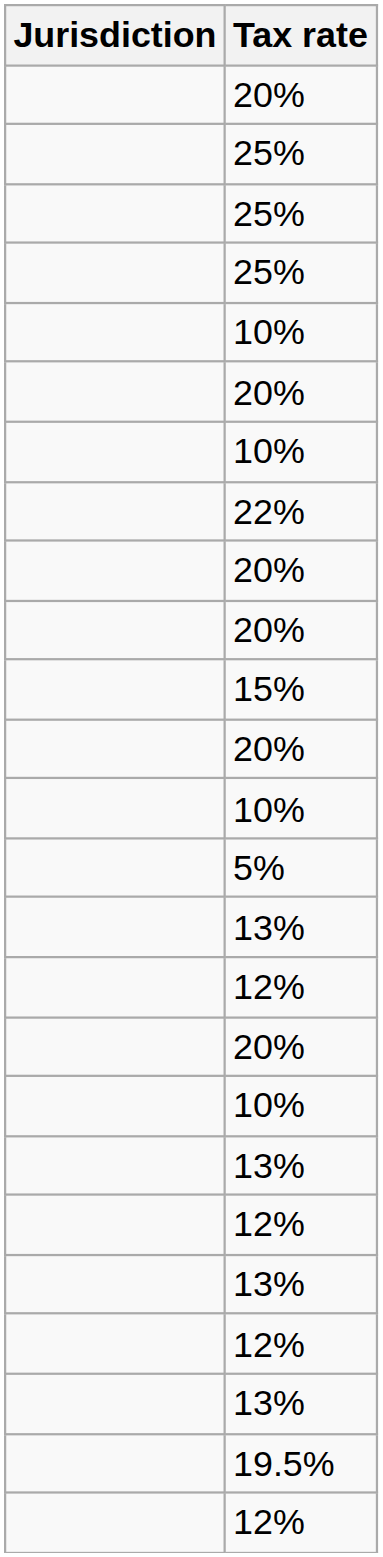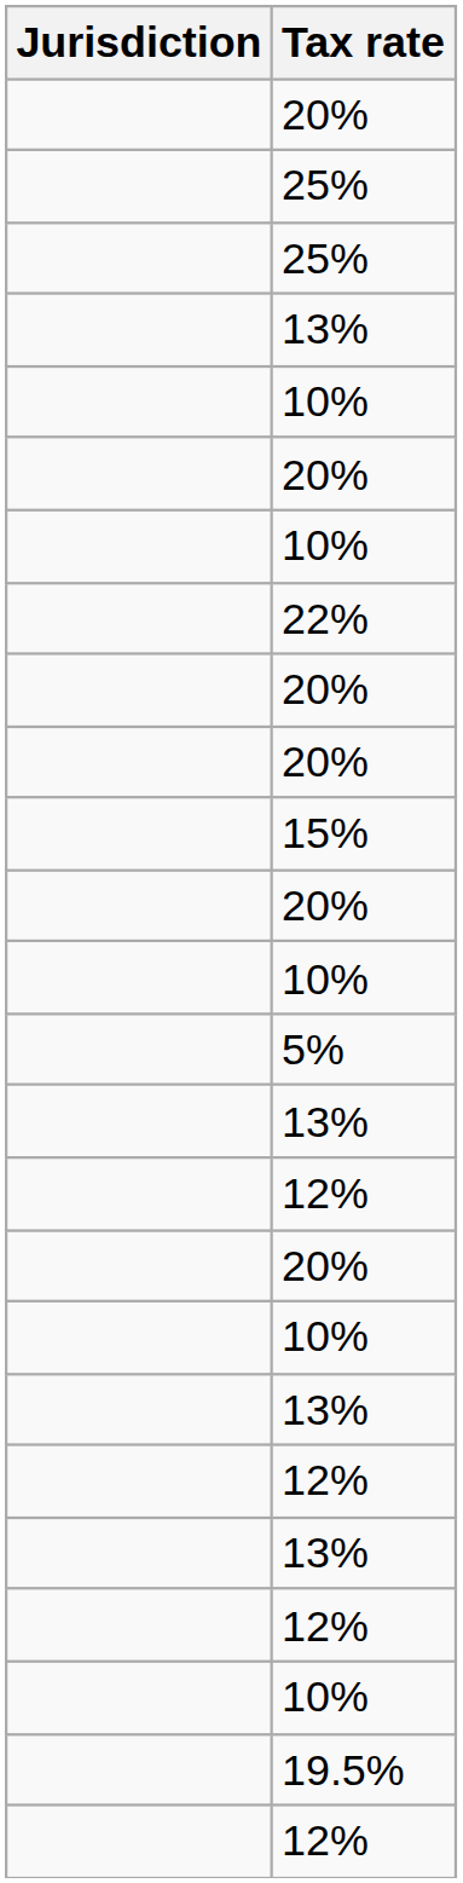 <table class="wikitable sortable nowrap" style=line-height:1.2>
 <tr>
 <th>Jurisdiction</th>
 <th>Tax rate</th>
 </tr>
 <tr>
 <td></td>
 <td>20%</td>
 </tr>
 <tr>
 <td></td>
 <td>25%</td>
 </tr>
 <tr>
 <td></td>
 <td>25%</td>
 </tr>
 <tr>
 <td></td>
-<td>25%</td>
+<td>13%</td>
 </tr>
 <tr>
 <td></td>
 <td>10%</td>
 </tr>
 <tr>
 <td></td>
 <td>20%</td>
 </tr>
 <tr>
 <td></td>
 <td>10%</td>
 </tr>
 <tr>
 <td></td>
 <td>22%</td>
 </tr>
 <tr>
 <td></td>
 <td>20%</td>
 </tr>
 <tr>
 <td></td>
 <td>20%</td>
 </tr>
 <tr>
 <td></td>
 <td>15%</td>
 </tr>
 <tr>
 <td></td>
 <td>20%</td>
 </tr>
 <tr>
 <td></td>
 <td>10%</td>
 </tr>
 <tr>
 <td></td>
 <td>5%</td>
 </tr>
 <tr>
 <td></td>
 <td>13%</td>
 </tr>
 <tr>
 <td></td>
 <td>12%</td>
 </tr>
 <tr>
 <td></td>
 <td>20%</td>
 </tr>
 <tr>
 <td></td>
 <td>10%</td>
 </tr>
 <tr>
 <td></td>
 <td>13%</td>
 </tr>
 <tr>
 <td></td>
 <td>12%</td>
 </tr>
 <tr>
 <td></td>
 <td>13%</td>
 </tr>
 <tr>
 <td></td>
 <td>12%</td>
 </tr>
 <tr>
 <td></td>
-<td>13%</td>
+<td>10%</td>
 </tr>
 <tr>
 <td></td>
 <td>19.5%</td>
 </tr>
 <tr>
 <td></td>
 <td>12%</td>
 </tr>
 </table>
